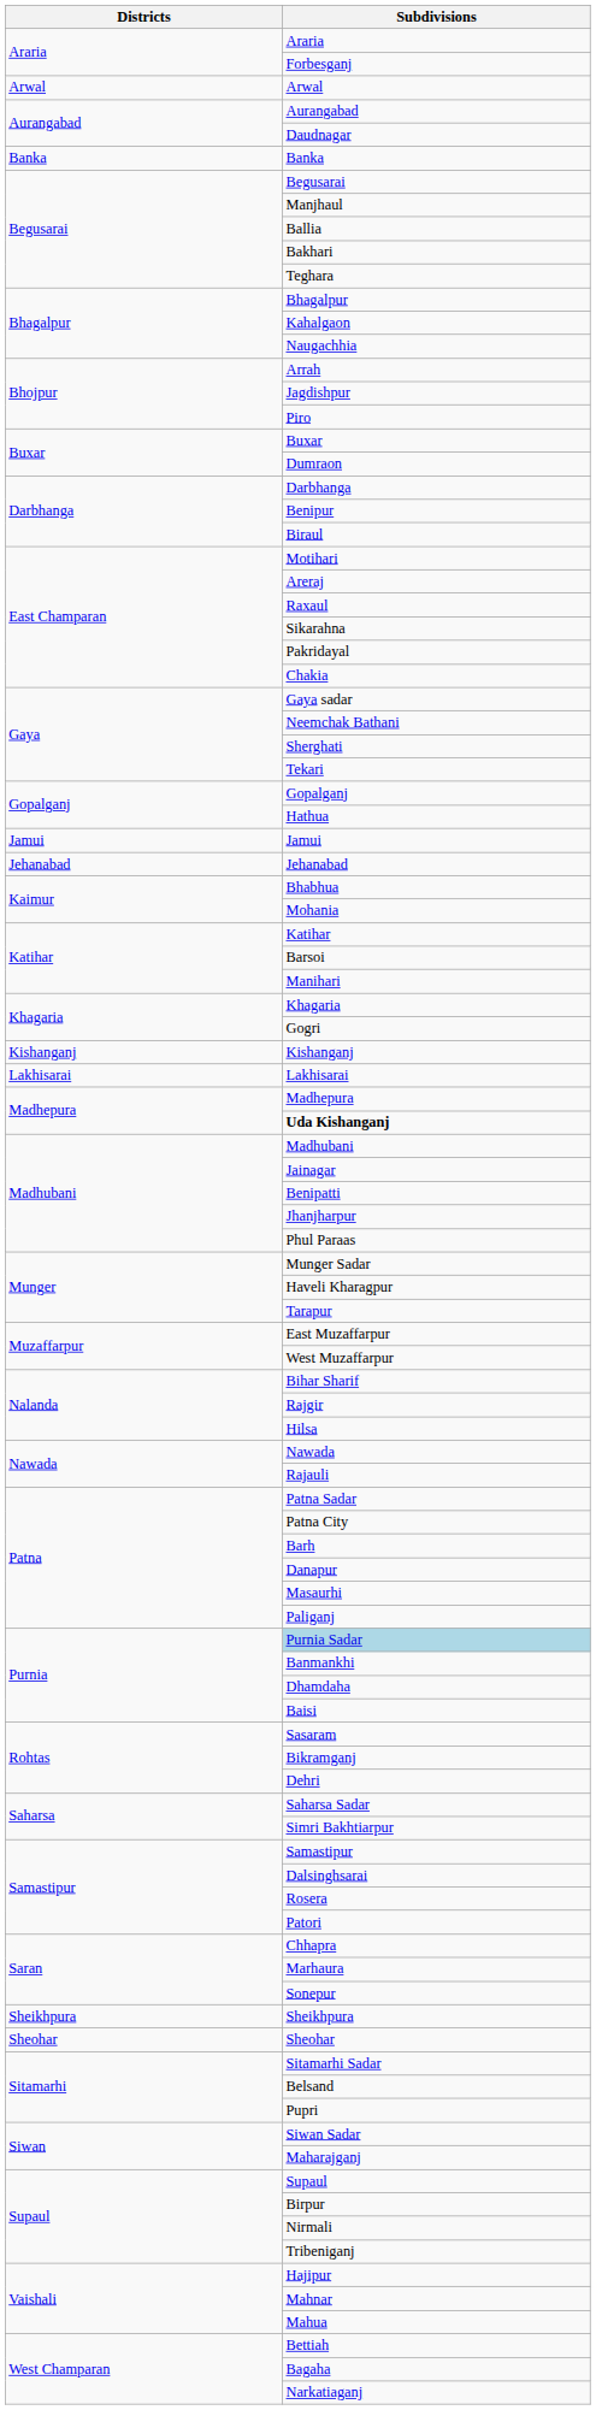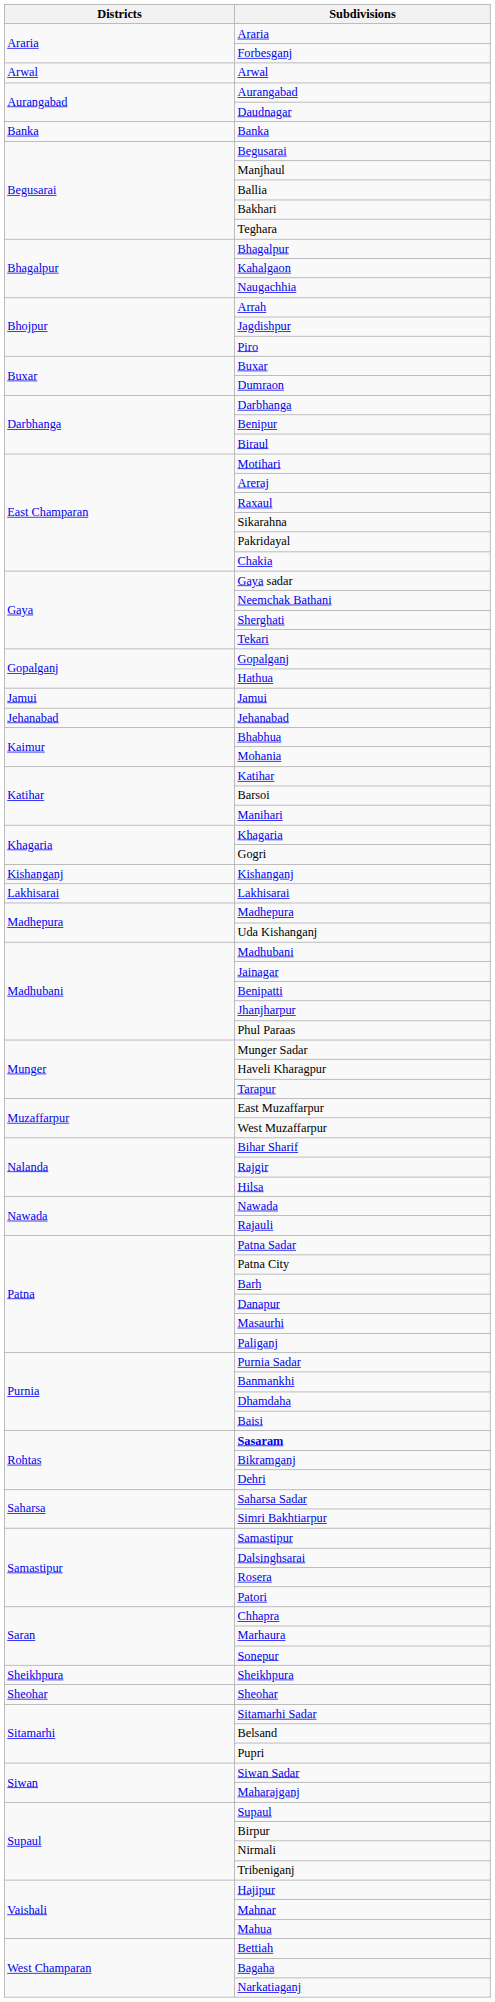 <table class="wikitable sortable" width="50%">
 <tr>
 <th>Districts</th>
 <th>Subdivisions</th>
 </tr>
 <tr>
 <td rowspan="2"><a href='#'>Araria</a></td>
 <td><a href='#'>Araria</a></td>
 </tr>
 <tr>
 <td><a href='#'>Forbesganj</a></td>
 </tr>
 <tr>
 <td><a href='#'>Arwal</a></td>
 <td><a href='#'>Arwal</a></td>
 </tr>
 <tr>
 <td rowspan="2"><a href='#'>Aurangabad</a></td>
 <td><a href='#'>Aurangabad</a></td>
 </tr>
 <tr>
 <td><a href='#'>Daudnagar</a></td>
 </tr>
 <tr>
 <td><a href='#'>Banka</a></td>
 <td><a href='#'>Banka</a></td>
 </tr>
 <tr>
 <td rowspan="5"><a href='#'>Begusarai</a></td>
 <td><a href='#'>Begusarai</a></td>
 </tr>
 <tr>
 <td>Manjhaul</td>
 </tr>
 <tr>
 <td>Ballia</td>
 </tr>
 <tr>
 <td>Bakhari</td>
 </tr>
 <tr>
 <td>Teghara</td>
 </tr>
 <tr>
 <td rowspan="3"><a href='#'>Bhagalpur</a></td>
 <td><a href='#'>Bhagalpur</a></td>
 </tr>
 <tr>
 <td><a href='#'>Kahalgaon</a></td>
 </tr>
 <tr>
 <td><a href='#'>Naugachhia</a></td>
 </tr>
 <tr>
 <td rowspan="3"><a href='#'>Bhojpur</a></td>
 <td><a href='#'>Arrah</a></td>
 </tr>
 <tr>
 <td><a href='#'>Jagdishpur</a></td>
 </tr>
 <tr>
 <td><a href='#'>Piro</a></td>
 </tr>
 <tr>
 <td rowspan="2"><a href='#'>Buxar</a></td>
 <td><a href='#'>Buxar</a></td>
 </tr>
 <tr>
 <td><a href='#'>Dumraon</a></td>
 </tr>
 <tr>
 <td rowspan="3"><a href='#'>Darbhanga</a></td>
 <td><a href='#'>Darbhanga</a></td>
 </tr>
 <tr>
 <td><a href='#'>Benipur</a></td>
 </tr>
 <tr>
 <td><a href='#'>Biraul</a></td>
 </tr>
 <tr>
 <td rowspan="6"><a href='#'>East Champaran</a></td>
 <td><a href='#'>Motihari</a></td>
 </tr>
 <tr>
 <td><a href='#'>Areraj</a></td>
 </tr>
 <tr>
 <td><a href='#'>Raxaul</a></td>
 </tr>
 <tr>
 <td>Sikarahna</td>
 </tr>
 <tr>
 <td>Pakridayal</td>
 </tr>
 <tr>
 <td><a href='#'>Chakia</a></td>
 </tr>
 <tr>
 <td rowspan="4"><a href='#'>Gaya</a></td>
 <td><a href='#'>Gaya</a> sadar</td>
 </tr>
 <tr>
 <td><a href='#'>Neemchak Bathani</a></td>
 </tr>
 <tr>
 <td><a href='#'>Sherghati</a></td>
 </tr>
 <tr>
 <td><a href='#'>Tekari</a></td>
 </tr>
 <tr>
 <td rowspan="2"><a href='#'>Gopalganj</a></td>
 <td><a href='#'>Gopalganj</a></td>
 </tr>
 <tr>
 <td><a href='#'>Hathua</a></td>
 </tr>
 <tr>
 <td><a href='#'>Jamui</a></td>
 <td><a href='#'>Jamui</a></td>
 </tr>
 <tr>
 <td><a href='#'>Jehanabad</a></td>
 <td><a href='#'>Jehanabad</a></td>
 </tr>
 <tr>
 <td rowspan="2"><a href='#'>Kaimur</a></td>
 <td><a href='#'>Bhabhua</a></td>
 </tr>
 <tr>
 <td><a href='#'>Mohania</a></td>
 </tr>
 <tr>
 <td rowspan="3"><a href='#'>Katihar</a></td>
 <td><a href='#'>Katihar</a></td>
 </tr>
 <tr>
 <td>Barsoi</td>
 </tr>
 <tr>
 <td><a href='#'>Manihari</a></td>
 </tr>
 <tr>
 <td rowspan="2"><a href='#'>Khagaria</a></td>
 <td><a href='#'>Khagaria</a></td>
 </tr>
 <tr>
 <td>Gogri</td>
 </tr>
 <tr>
 <td><a href='#'>Kishanganj</a></td>
 <td><a href='#'>Kishanganj</a></td>
 </tr>
 <tr>
 <td><a href='#'>Lakhisarai</a></td>
 <td><a href='#'>Lakhisarai</a></td>
 </tr>
 <tr>
 <td rowspan="2"><a href='#'>Madhepura</a></td>
 <td><a href='#'>Madhepura</a></td>
 </tr>
 <tr>
-<td><strong>Uda Kishanganj</strong></td>
+<td>Uda Kishanganj</td>
 </tr>
 <tr>
 <td rowspan="5"><a href='#'>Madhubani</a></td>
 <td><a href='#'>Madhubani</a></td>
 </tr>
 <tr>
 <td><a href='#'>Jainagar</a></td>
 </tr>
 <tr>
 <td><a href='#'>Benipatti</a></td>
 </tr>
 <tr>
 <td><a href='#'>Jhanjharpur</a></td>
 </tr>
 <tr>
 <td>Phul Paraas</td>
 </tr>
 <tr>
 <td rowspan="3"><a href='#'>Munger</a></td>
 <td>Munger Sadar</td>
 </tr>
 <tr>
 <td>Haveli Kharagpur</td>
 </tr>
 <tr>
 <td><a href='#'>Tarapur</a></td>
 </tr>
 <tr>
 <td rowspan="2"><a href='#'>Muzaffarpur</a></td>
 <td>East Muzaffarpur</td>
 </tr>
 <tr>
 <td>West Muzaffarpur</td>
 </tr>
 <tr>
 <td rowspan="3"><a href='#'>Nalanda</a></td>
 <td><a href='#'>Bihar Sharif</a></td>
 </tr>
 <tr>
 <td><a href='#'>Rajgir</a></td>
 </tr>
 <tr>
 <td><a href='#'>Hilsa</a></td>
 </tr>
 <tr>
 <td rowspan="2"><a href='#'>Nawada</a></td>
 <td><a href='#'>Nawada</a></td>
 </tr>
 <tr>
 <td><a href='#'>Rajauli</a></td>
 </tr>
 <tr>
 <td rowspan="6"><a href='#'>Patna</a></td>
 <td><a href='#'>Patna Sadar</a></td>
 </tr>
 <tr>
 <td>Patna City</td>
 </tr>
 <tr>
 <td><a href='#'>Barh</a></td>
 </tr>
 <tr>
 <td><a href='#'>Danapur</a></td>
 </tr>
 <tr>
 <td><a href='#'>Masaurhi</a></td>
 </tr>
 <tr>
 <td><a href='#'>Paliganj</a></td>
 </tr>
 <tr>
 <td rowspan="4"><a href='#'>Purnia</a></td>
-<td style="background: lightblue;"><a href='#'> Purnia Sadar</a></td>
+<td><a href='#'> Purnia Sadar</a></td>
 </tr>
 <tr>
 <td><a href='#'>Banmankhi</a></td>
 </tr>
 <tr>
 <td><a href='#'>Dhamdaha</a></td>
 </tr>
 <tr>
 <td><a href='#'>Baisi</a></td>
 </tr>
 <tr>
 <td rowspan="3"><a href='#'>Rohtas</a></td>
-<td><a href='#'>Sasaram</a></td>
+<td><strong><a href='#'>Sasaram</a></strong></td>
 </tr>
 <tr>
 <td><a href='#'>Bikramganj</a></td>
 </tr>
 <tr>
 <td><a href='#'>Dehri</a></td>
 </tr>
 <tr>
 <td rowspan="2"><a href='#'>Saharsa</a></td>
 <td><a href='#'>Saharsa Sadar</a></td>
 </tr>
 <tr>
 <td><a href='#'>Simri Bakhtiarpur</a></td>
 </tr>
 <tr>
 <td rowspan="4"><a href='#'>Samastipur</a></td>
 <td><a href='#'>Samastipur</a></td>
 </tr>
 <tr>
 <td><a href='#'>Dalsinghsarai</a></td>
 </tr>
 <tr>
 <td><a href='#'>Rosera</a></td>
 </tr>
 <tr>
 <td><a href='#'>Patori</a></td>
 </tr>
 <tr>
 <td rowspan="3"><a href='#'>Saran</a></td>
 <td><a href='#'>Chhapra</a></td>
 </tr>
 <tr>
 <td><a href='#'>Marhaura</a></td>
 </tr>
 <tr>
 <td><a href='#'>Sonepur</a></td>
 </tr>
 <tr>
 <td><a href='#'>Sheikhpura</a></td>
 <td><a href='#'>Sheikhpura</a></td>
 </tr>
 <tr>
 <td><a href='#'>Sheohar</a></td>
 <td><a href='#'>Sheohar</a></td>
 </tr>
 <tr>
 <td rowspan="3"><a href='#'>Sitamarhi</a></td>
 <td><a href='#'>Sitamarhi Sadar</a></td>
 </tr>
 <tr>
 <td>Belsand</td>
 </tr>
 <tr>
 <td>Pupri</td>
 </tr>
 <tr>
 <td rowspan="2"><a href='#'>Siwan</a></td>
 <td><a href='#'>Siwan Sadar</a></td>
 </tr>
 <tr>
 <td><a href='#'>Maharajganj</a></td>
 </tr>
 <tr>
 <td rowspan="4"><a href='#'>Supaul</a></td>
 <td><a href='#'>Supaul</a></td>
 </tr>
 <tr>
 <td>Birpur</td>
 </tr>
 <tr>
 <td>Nirmali</td>
 </tr>
 <tr>
 <td>Tribeniganj</td>
 </tr>
 <tr>
 <td rowspan="3"><a href='#'>Vaishali</a></td>
 <td><a href='#'>Hajipur</a></td>
 </tr>
 <tr>
 <td><a href='#'>Mahnar</a></td>
 </tr>
 <tr>
 <td><a href='#'>Mahua</a></td>
 </tr>
 <tr>
 <td rowspan="3"><a href='#'>West Champaran</a></td>
 <td><a href='#'>Bettiah</a></td>
 </tr>
 <tr>
 <td><a href='#'>Bagaha</a></td>
 </tr>
 <tr>
 <td><a href='#'>Narkatiaganj</a></td>
 </tr>
 </table>
